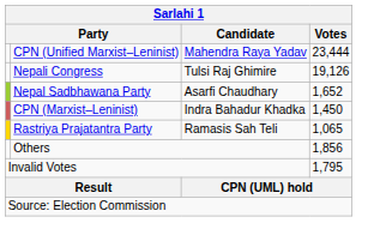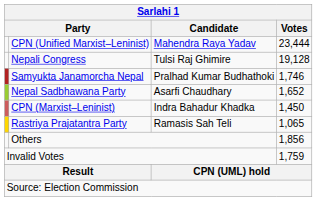 <table class="wikitable">
 <tr>
 <th colspan="4"><a href='#'>Sarlahi 1</a></th>
 </tr>
 <tr>
 <th colspan="2">Party</th>
 <th>Candidate</th>
 <th>Votes</th>
 </tr>
 <tr>
 <td style="background-color:"></td>
 <td><a href='#'>CPN (Unified Marxist–Leninist)</a></td>
 <td><a href='#'>Mahendra Raya Yadav</a></td>
 <td>23,444</td>
 </tr>
 <tr>
 <td style="background-color:"></td>
 <td><a href='#'>Nepali Congress</a></td>
 <td>Tulsi Raj Ghimire</td>
-<td>19,126</td>
+<td>19,128</td>
+</tr>
+<tr>
+<td style="background-color:firebrick"></td>
+<td><a href='#'>Samyukta Janamorcha Nepal</a></td>
+<td>Pralhad Kumar Budhathoki</td>
+<td>1,746</td>
 </tr>
 <tr>
 <td style="background-color:yellowgreen"></td>
 <td><a href='#'>Nepal Sadbhawana Party</a></td>
 <td>Asarfi Chaudhary</td>
 <td>1,652</td>
 </tr>
 <tr>
 <td style="background-color:indianred"></td>
 <td><a href='#'>CPN (Marxist–Leninist)</a></td>
 <td>Indra Bahadur Khadka</td>
 <td>1,450</td>
 </tr>
 <tr>
 <td style="background-color:gold"></td>
 <td><a href='#'>Rastriya Prajatantra Party</a></td>
 <td>Ramasis Sah Teli</td>
 <td>1,065</td>
 </tr>
 <tr>
 <td></td>
 <td colspan="2">Others</td>
 <td>1,856</td>
 </tr>
 <tr>
 <td colspan="3">Invalid Votes</td>
-<td>1,795</td>
+<td>1,759</td>
 </tr>
 <tr>
 <th colspan="2">Result</th>
 <th colspan="2">CPN (UML) hold</th>
 </tr>
 <tr>
 <td colspan="4">Source: Election Commission</td>
 </tr>
 </table>
